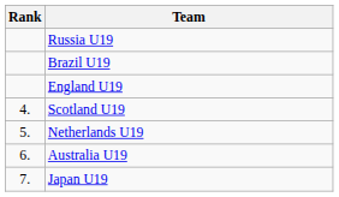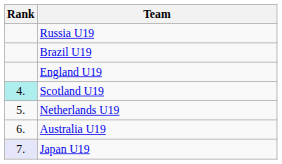 <table class="wikitable" style="font-size:95%">
 <tr>
 <th>Rank</th>
 <th align="left" style="width: 20em">Team</th>
 </tr>
 <tr>
 <td align="center"></td>
 <td> <a href='#'>Russia U19</a></td>
 </tr>
 <tr>
 <td align="center"></td>
 <td> <a href='#'>Brazil U19</a></td>
 </tr>
 <tr>
 <td align="center"></td>
 <td> <a href='#'>England U19</a></td>
 </tr>
 <tr>
-<td rowspan=1 align="center">4.</td>
+<td rowspan=1 align="center" style="background: paleturquoise;">4.</td>
 <td> <a href='#'>Scotland U19</a></td>
 </tr>
 <tr>
 <td rowspan=1 align="center">5.</td>
 <td> <a href='#'>Netherlands U19</a></td>
 </tr>
 <tr>
 <td rowspan=1 align="center">6.</td>
 <td> <a href='#'>Australia U19</a></td>
 </tr>
 <tr>
-<td rowspan=1 align="center">7.</td>
+<td rowspan=1 align="center" style="background: lavender;">7.</td>
 <td> <a href='#'>Japan U19</a></td>
 </tr>
 </table>
